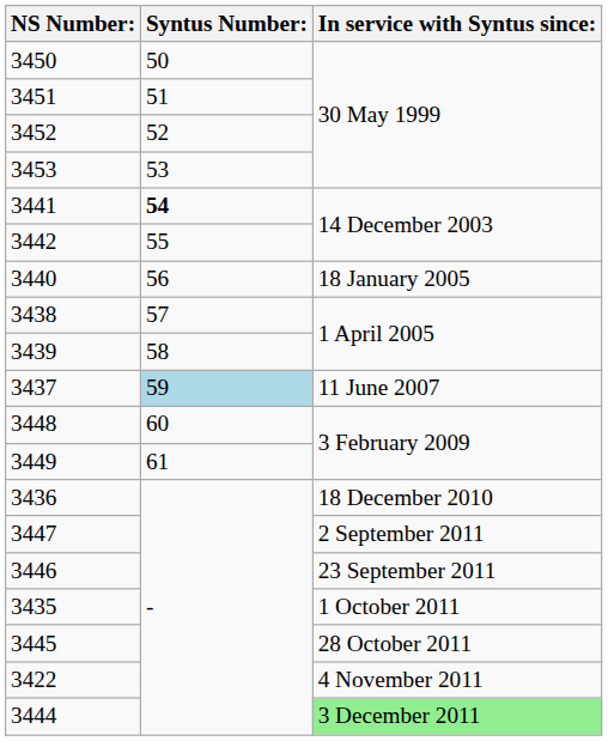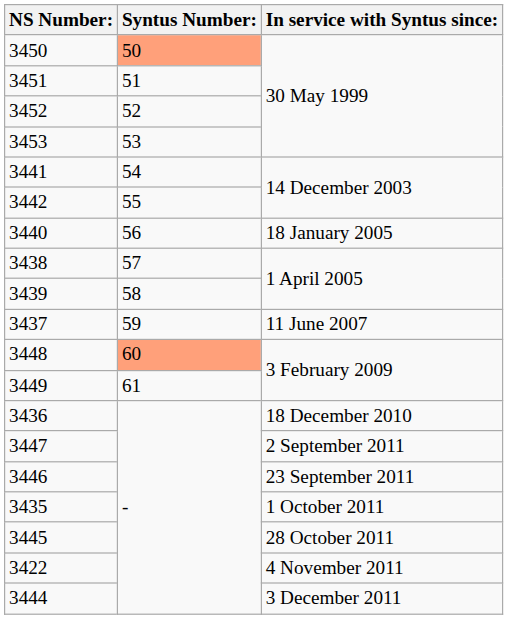 <table class="wikitable vatop">
 <tr>
 <th>NS Number:</th>
 <th>Syntus Number:</th>
 <th>In service with Syntus since:</th>
 </tr>
 <tr>
 <td>3450</td>
-<td>50</td>
+<td style="background: lightsalmon;">50</td>
 <td rowspan="4">30 May 1999</td>
 </tr>
 <tr>
 <td>3451</td>
 <td>51</td>
 </tr>
 <tr>
 <td>3452</td>
 <td>52</td>
 </tr>
 <tr>
 <td>3453</td>
 <td>53</td>
 </tr>
 <tr>
 <td>3441</td>
-<td><strong>54</strong></td>
+<td>54</td>
 <td rowspan="2">14 December 2003</td>
 </tr>
 <tr>
 <td>3442</td>
 <td>55</td>
 </tr>
 <tr>
 <td>3440</td>
 <td>56</td>
 <td>18 January 2005</td>
 </tr>
 <tr>
 <td>3438</td>
 <td>57</td>
 <td rowspan="2">1 April 2005</td>
 </tr>
 <tr>
 <td>3439</td>
 <td>58</td>
 </tr>
 <tr>
 <td>3437</td>
-<td style="background: lightblue;">59</td>
+<td>59</td>
 <td>11 June 2007</td>
 </tr>
 <tr>
 <td>3448</td>
-<td>60</td>
+<td style="background: lightsalmon;">60</td>
 <td rowspan="2">3 February 2009</td>
 </tr>
 <tr>
 <td>3449</td>
 <td>61</td>
 </tr>
 <tr>
 <td>3436</td>
 <td rowspan="7">-</td>
 <td>18 December 2010</td>
 </tr>
 <tr>
 <td>3447</td>
 <td>2 September 2011</td>
 </tr>
 <tr>
 <td>3446</td>
 <td>23 September 2011</td>
 </tr>
 <tr>
 <td>3435</td>
 <td>1 October 2011</td>
 </tr>
 <tr>
 <td>3445</td>
 <td>28 October 2011</td>
 </tr>
 <tr>
 <td>3422</td>
 <td>4 November 2011</td>
 </tr>
 <tr>
 <td>3444</td>
-<td style="background: lightgreen;">3 December 2011</td>
+<td>3 December 2011</td>
 </tr>
 </table>
